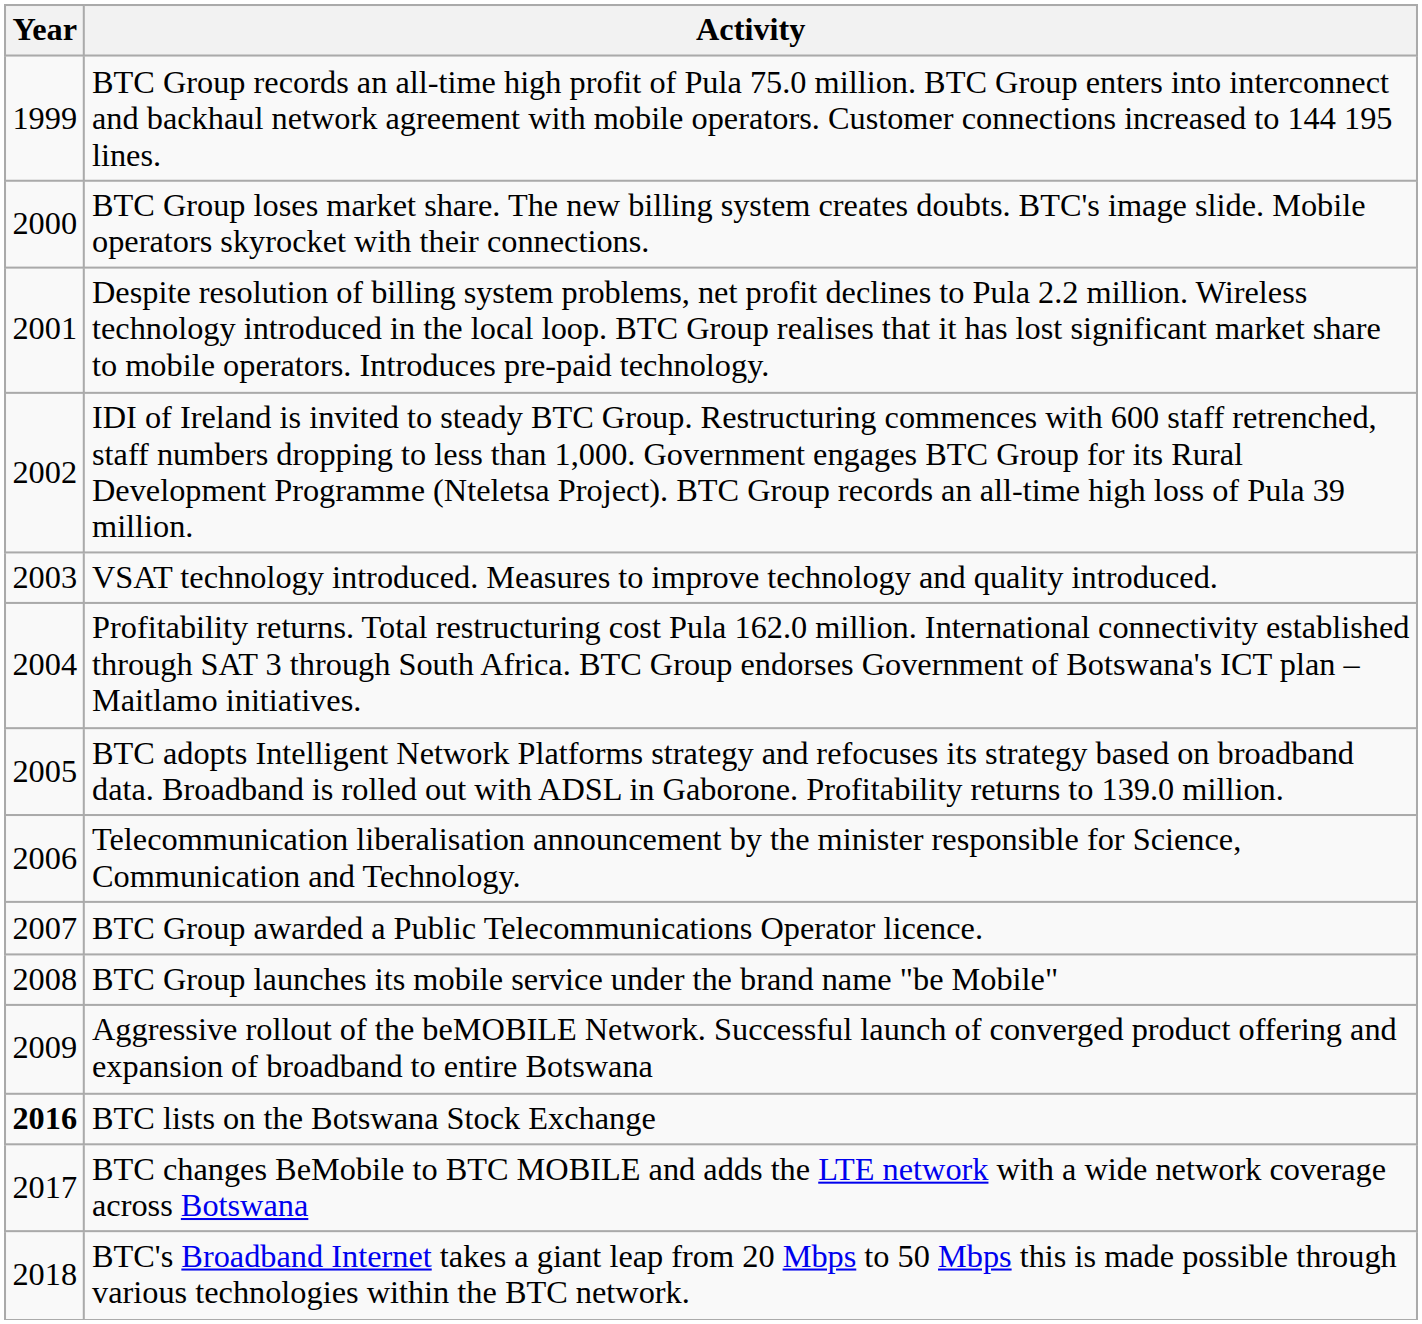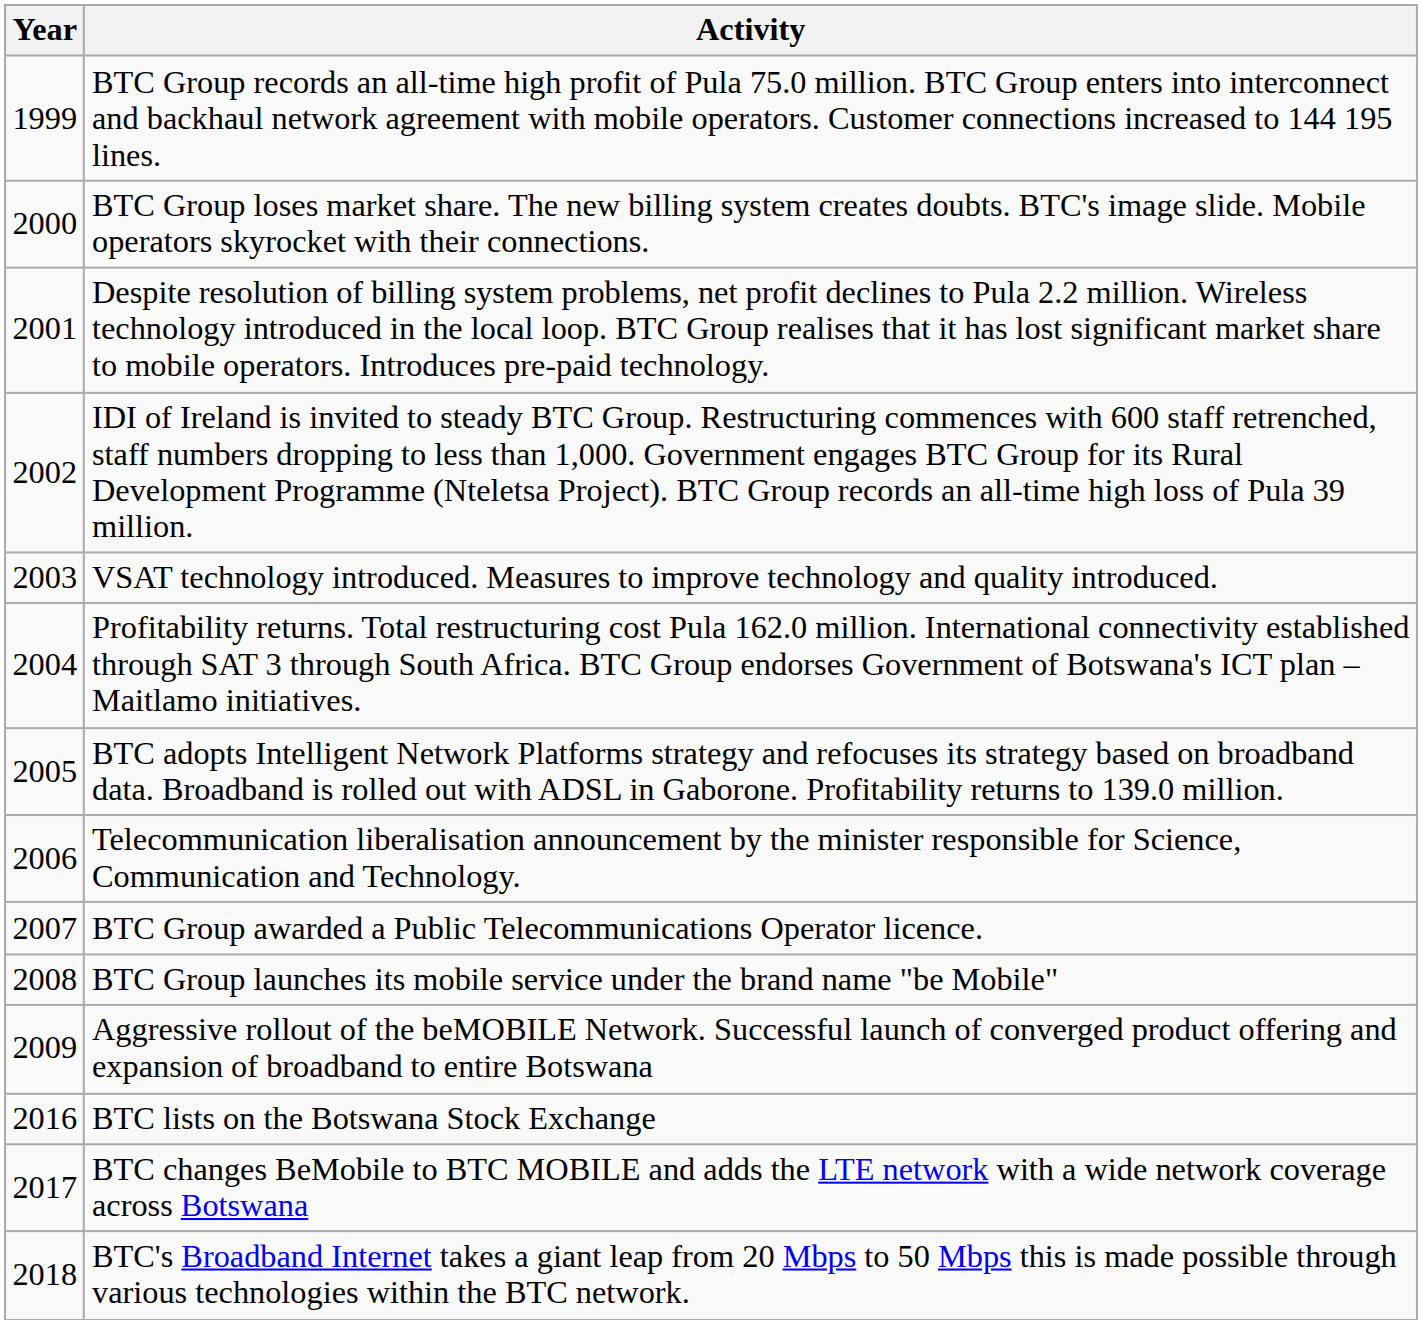 <table | class="wikitable" style="width:700px">
 <tr>
 <th>Year</th>
 <th>Activity</th>
 </tr>
 <tr>
 <td>1999</td>
 <td>BTC Group records an all-time high profit of Pula 75.0 million. BTC Group enters into interconnect and backhaul network agreement with mobile operators. Customer connections increased to 144 195 lines.</td>
 </tr>
 <tr>
 <td>2000</td>
 <td>BTC Group loses market share. The new billing system creates doubts. BTC's image slide. Mobile operators skyrocket with their connections.</td>
 </tr>
 <tr>
 <td>2001</td>
 <td>Despite resolution of billing system problems, net profit declines to Pula 2.2 million. Wireless technology introduced in the local loop. BTC Group realises that it has lost significant market share to mobile operators. Introduces pre-paid technology.</td>
 </tr>
 <tr>
 <td>2002</td>
 <td>IDI of Ireland is invited to steady BTC Group. Restructuring commences with 600 staff retrenched, staff numbers dropping to less than 1,000. Government engages BTC Group for its Rural Development Programme (Nteletsa Project). BTC Group records an all-time high loss of Pula 39 million.</td>
 </tr>
 <tr>
 <td>2003</td>
 <td>VSAT technology introduced. Measures to improve technology and quality introduced.</td>
 </tr>
 <tr>
 <td>2004</td>
 <td>Profitability returns. Total restructuring cost Pula 162.0 million. International connectivity established through SAT 3 through South Africa. BTC Group endorses Government of Botswana's ICT plan – Maitlamo initiatives.</td>
 </tr>
 <tr>
 <td>2005</td>
 <td>BTC adopts Intelligent Network Platforms strategy and refocuses its strategy based on broadband data. Broadband is rolled out with ADSL in Gaborone. Profitability returns to 139.0 million.</td>
 </tr>
 <tr>
 <td>2006</td>
 <td>Telecommunication liberalisation announcement by the minister responsible for Science, Communication and Technology.</td>
 </tr>
 <tr>
 <td>2007</td>
 <td>BTC Group awarded a Public Telecommunications Operator licence.</td>
 </tr>
 <tr>
 <td>2008</td>
 <td>BTC Group launches its mobile service under the brand name "be Mobile"</td>
 </tr>
 <tr>
 <td>2009</td>
 <td>Aggressive rollout of the beMOBILE Network. Successful launch of converged product offering and expansion of broadband to entire Botswana</td>
 </tr>
 <tr>
-<td><strong>2016</strong></td>
+<td>2016</td>
 <td>BTC lists on the Botswana Stock Exchange</td>
 </tr>
 <tr>
 <td>2017</td>
 <td>BTC changes BeMobile to BTC MOBILE and adds the <a href='#'>LTE network</a> with a wide network coverage across <a href='#'>Botswana</a></td>
 </tr>
 <tr>
 <td>2018</td>
 <td>BTC's <a href='#'>Broadband Internet</a> takes a giant leap from 20 <a href='#'>Mbps</a> to 50 <a href='#'>Mbps</a> this is made possible through various technologies within the BTC network.</td>
 </tr>
 </table>
